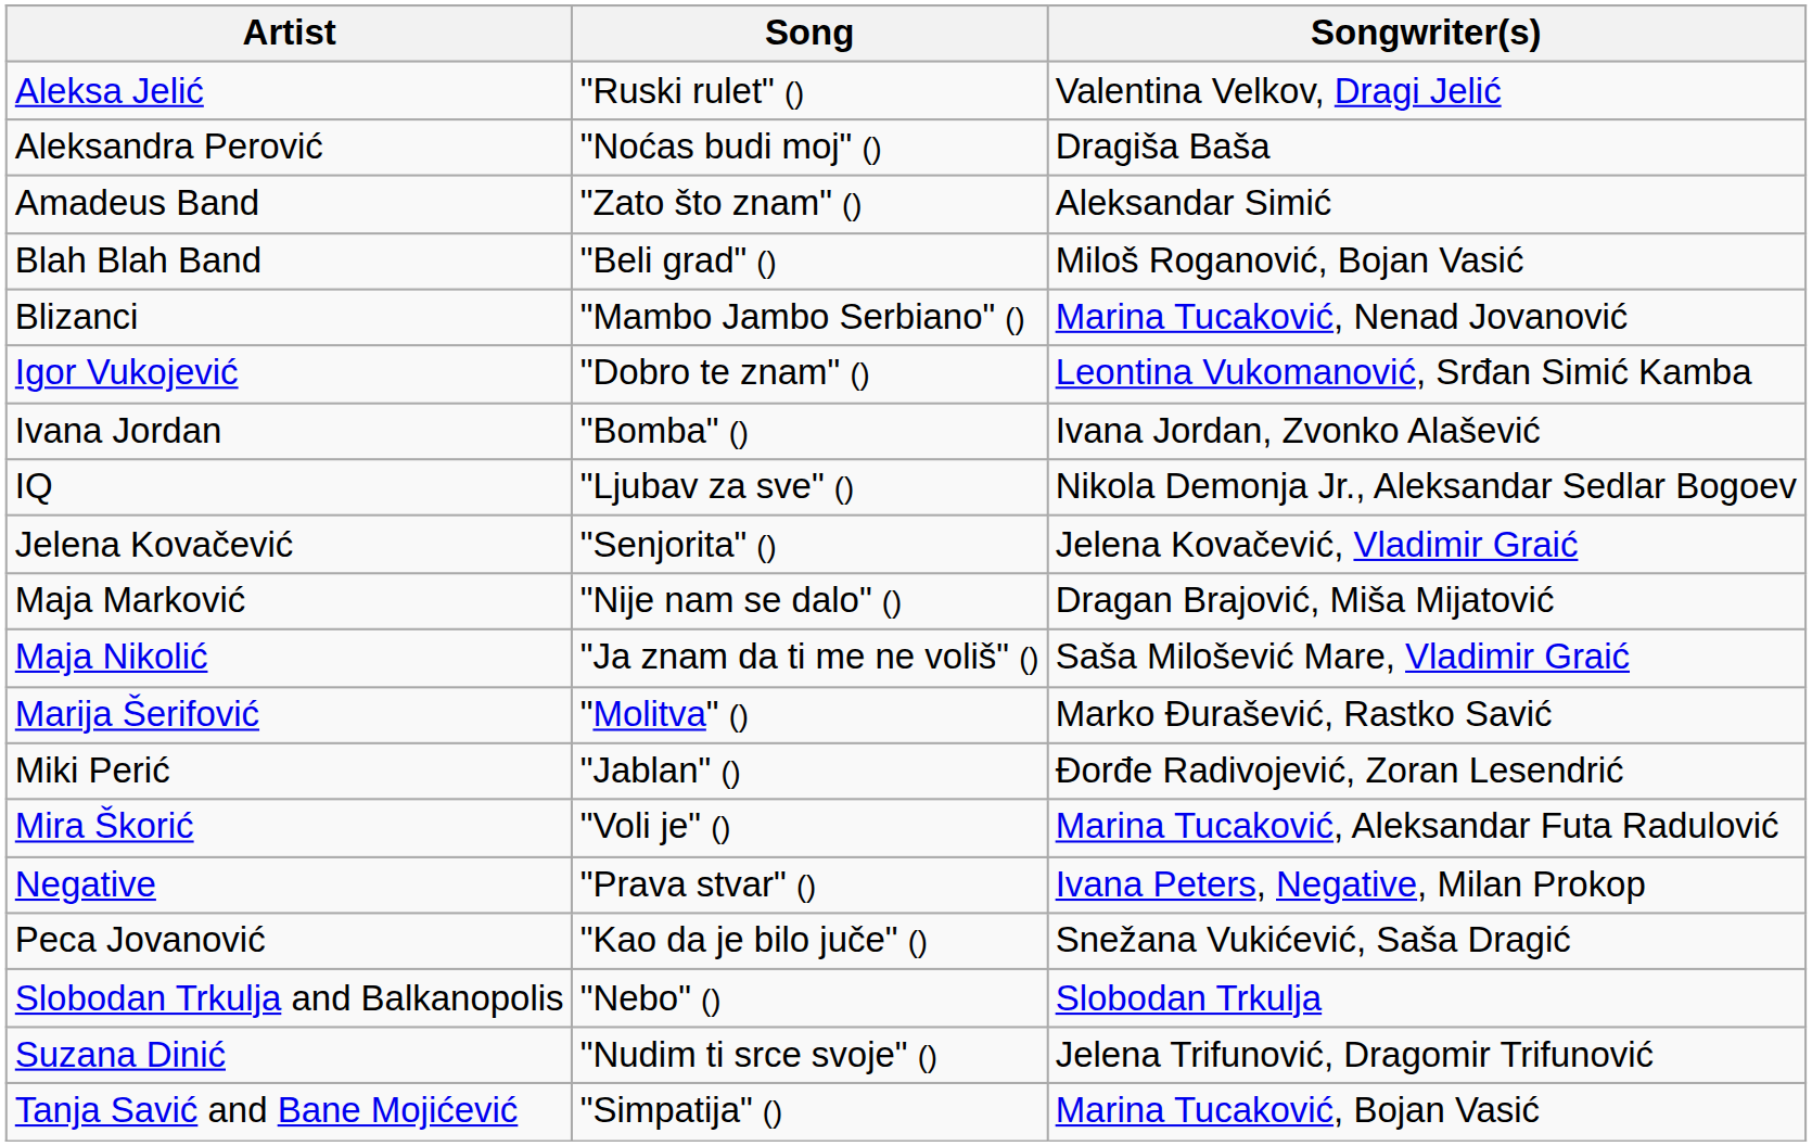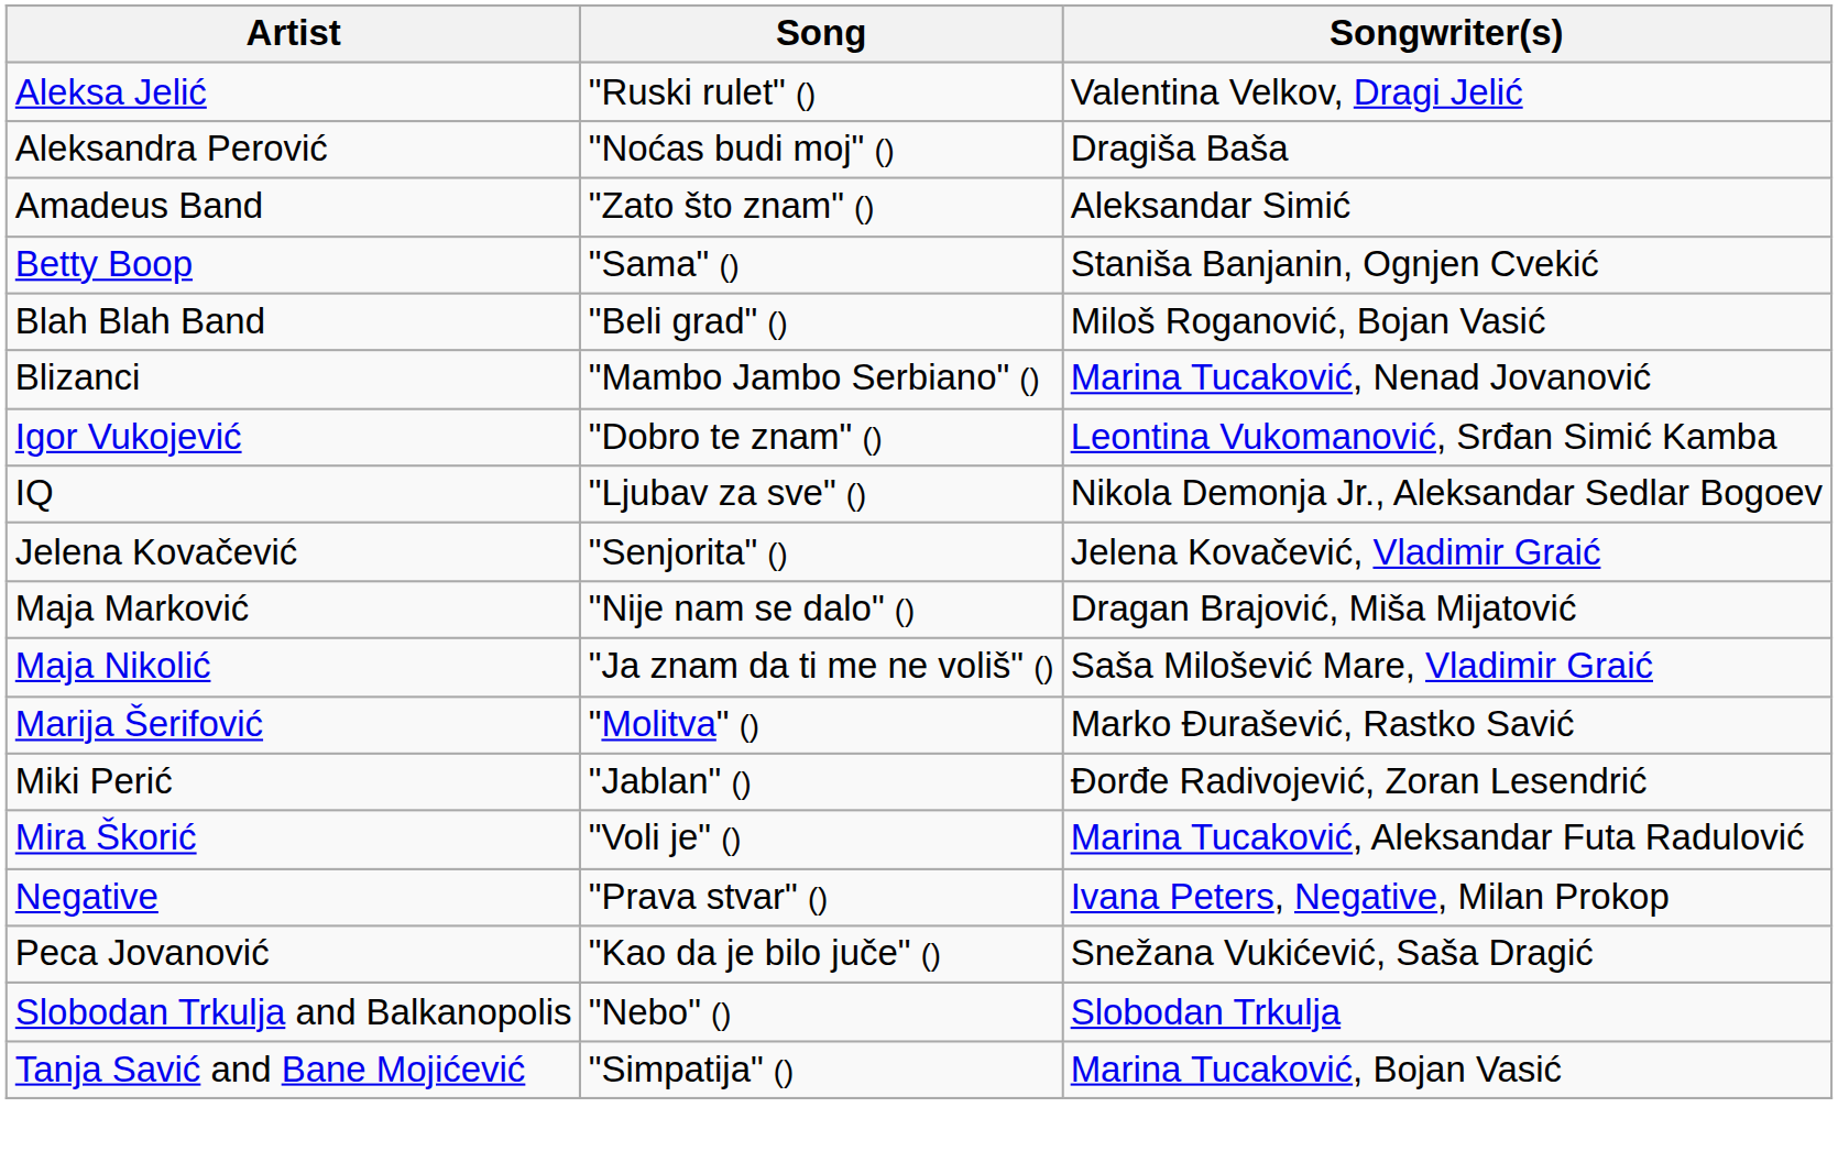 <table class="sortable wikitable" style="margin: 1em auto 1em auto; test-align:left">
 <tr>
 <th>Artist</th>
 <th>Song</th>
 <th>Songwriter(s)</th>
 </tr>
 <tr>
 <td><a href='#'>Aleksa Jelić</a></td>
 <td>"Ruski rulet" <small>()</small></td>
 <td>Valentina Velkov, <a href='#'>Dragi Jelić</a></td>
 </tr>
 <tr>
 <td>Aleksandra Perović</td>
 <td>"Noćas budi moj" <small>()</small></td>
 <td>Dragiša Baša</td>
 </tr>
 <tr>
 <td>Amadeus Band</td>
 <td>"Zato što znam" <small>()</small></td>
 <td>Aleksandar Simić</td>
 </tr>
 <tr>
+<td><a href='#'>Betty Boop</a></td>
+<td>"Sama" <small>()</small></td>
+<td>Staniša Banjanin, Ognjen Cvekić</td>
+</tr>
+<tr>
 <td>Blah Blah Band</td>
 <td>"Beli grad" <small>()</small></td>
 <td>Miloš Roganović, Bojan Vasić</td>
 </tr>
 <tr>
 <td>Blizanci</td>
 <td>"Mambo Jambo Serbiano" <small>()</small></td>
 <td><a href='#'>Marina Tucaković</a>, Nenad Jovanović</td>
 </tr>
 <tr>
 <td><a href='#'>Igor Vukojević</a></td>
 <td>"Dobro te znam" <small>()</small></td>
 <td><a href='#'>Leontina Vukomanović</a>, Srđan Simić Kamba</td>
-</tr>
-<tr>
-<td>Ivana Jordan</td>
-<td>"Bomba" <small>()</small></td>
-<td>Ivana Jordan, Zvonko Alašević</td>
 </tr>
 <tr>
 <td>IQ</td>
 <td>"Ljubav za sve" <small>()</small></td>
 <td>Nikola Demonja Jr., Aleksandar Sedlar Bogoev</td>
 </tr>
 <tr>
 <td>Jelena Kovačević</td>
 <td>"Senjorita" <small>()</small></td>
 <td>Jelena Kovačević, <a href='#'>Vladimir Graić</a></td>
 </tr>
 <tr>
 <td>Maja Marković</td>
 <td>"Nije nam se dalo" <small>()</small></td>
 <td>Dragan Brajović, Miša Mijatović</td>
 </tr>
 <tr>
 <td><a href='#'>Maja Nikolić</a></td>
 <td>"Ja znam da ti me ne voliš" <small>()</small></td>
 <td>Saša Milošević Mare, <a href='#'>Vladimir Graić</a></td>
 </tr>
 <tr>
 <td><a href='#'>Marija Šerifović</a></td>
 <td>"<a href='#'>Molitva</a>" <small>()</small></td>
 <td>Marko Đurašević, Rastko Savić</td>
 </tr>
 <tr>
 <td>Miki Perić</td>
 <td>"Jablan" <small>()</small></td>
 <td>Đorđe Radivojević, Zoran Lesendrić</td>
 </tr>
 <tr>
 <td><a href='#'>Mira Škorić</a></td>
 <td>"Voli je" <small>()</small></td>
 <td><a href='#'>Marina Tucaković</a>, Aleksandar Futa Radulović</td>
 </tr>
 <tr>
 <td><a href='#'>Negative</a></td>
 <td>"Prava stvar" <small>()</small></td>
 <td><a href='#'>Ivana Peters</a>, <a href='#'>Negative</a>, Milan Prokop</td>
 </tr>
 <tr>
 <td>Peca Jovanović</td>
 <td>"Kao da je bilo juče" <small>()</small></td>
 <td>Snežana Vukićević, Saša Dragić</td>
 </tr>
 <tr>
 <td><a href='#'>Slobodan Trkulja</a> and Balkanopolis</td>
 <td>"Nebo" <small>()</small></td>
 <td><a href='#'>Slobodan Trkulja</a></td>
 </tr>
 <tr>
-<td><a href='#'>Suzana Dinić</a></td>
-<td>"Nudim ti srce svoje" <small>()</small></td>
-<td>Jelena Trifunović, Dragomir Trifunović</td>
-</tr>
-<tr>
 <td><a href='#'>Tanja Savić</a> and <a href='#'>Bane Mojićević</a></td>
 <td>"Simpatija" <small>()</small></td>
 <td><a href='#'>Marina Tucaković</a>, Bojan Vasić</td>
 </tr>
 </table>
